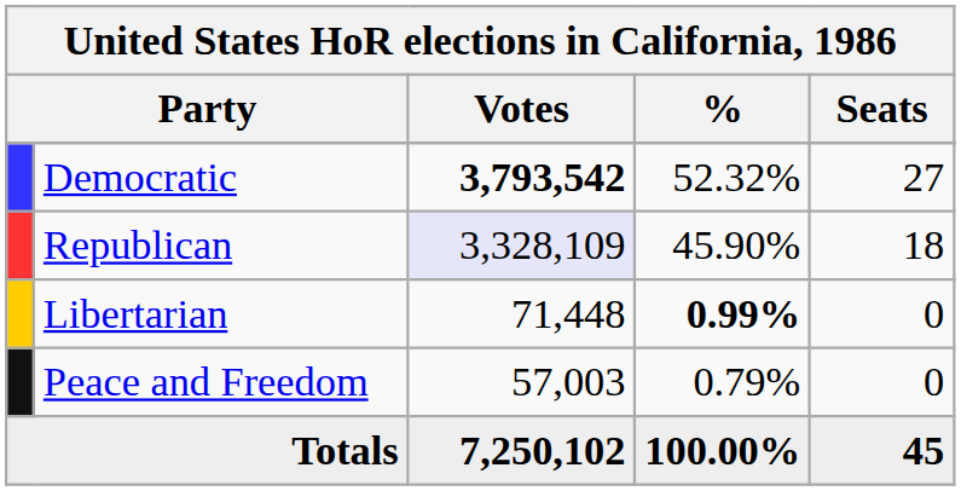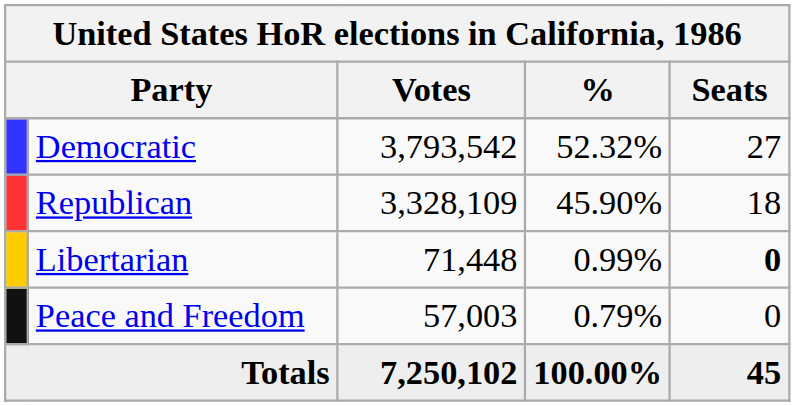 <table class="wikitable" style="font-size: 95%;">
 <tr>
 <th colspan="5">United States HoR elections in California, 1986</th>
 </tr>
 <tr>
 <th colspan=2 style="width: 5em">Party</th>
 <th style="width: 5em">Votes</th>
 <th style="width: 3em">%</th>
 <th style="width: 3em">Seats</th>
 </tr>
 <tr>
 </tr>
 <tr>
 <th style="background-color:#3333FF; width: 3px"></th>
 <td style="width: 130px"><a href='#'>Democratic</a></td>
-<td align="right"><strong>3,793,542</strong></td>
+<td align="right">3,793,542</td>
 <td align="right">52.32%</td>
 <td align="right">27</td>
 </tr>
 <tr>
 <th style="background-color:#FF3333; width: 3px"></th>
 <td style="width: 130px"><a href='#'>Republican</a></td>
-<td align="right" style="background: lavender;">3,328,109</td>
+<td align="right">3,328,109</td>
 <td align="right">45.90%</td>
 <td align="right">18</td>
 </tr>
 <tr>
 <th style="background-color:#FFCC00; width: 3px"></th>
 <td style="width: 130px"><a href='#'>Libertarian</a></td>
 <td align="right">71,448</td>
-<td align="right"><strong>0.99%</strong></td>
-<td align="right">0</td>
+<td align="right">0.99%</td>
+<td align="right"><strong>0</strong></td>
 </tr>
 <tr>
 <th style="background-color:#111111; width: 3px"></th>
 <td style="width: 130px"><a href='#'>Peace and Freedom</a></td>
 <td align="right">57,003</td>
 <td align="right">0.79%</td>
 <td align="right">0</td>
 </tr>
 <tr bgcolor="#EEEEEE">
 <td colspan="2" align="right"><strong>Totals</strong></td>
 <td align="right"><strong>7,250,102</strong></td>
 <td align="right"><strong>100.00%</strong></td>
 <td align="right"><strong>45</strong></td>
 </tr>
 </table>
